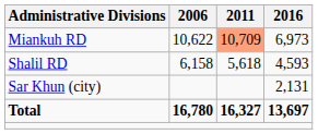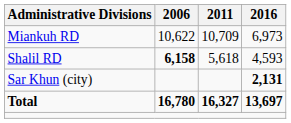 <table class="wikitable">
 <tr>
 <th>Administrative Divisions</th>
 <th>2006</th>
 <th>2011</th>
 <th>2016</th>
 </tr>
 <tr>
 <td><a href='#'>Miankuh RD</a></td>
 <td style="text-align: right;">10,622</td>
-<td style="background: lightsalmon; text-align: right;">10,709</td>
+<td style="text-align: right;">10,709</td>
 <td style="text-align: right;">6,973</td>
 </tr>
 <tr>
 <td><a href='#'>Shalil RD</a></td>
-<td style="text-align: right;">6,158</td>
+<td style="text-align: right;"><strong>6,158</strong></td>
 <td style="text-align: right;">5,618</td>
 <td style="text-align: right;">4,593</td>
 </tr>
 <tr>
 <td><a href='#'>Sar Khun</a> (city)</td>
 <td style="text-align: right;"></td>
 <td style="text-align: right;"></td>
-<td style="text-align: right;">2,131</td>
+<td style="text-align: right;"><strong>2,131</strong></td>
 </tr>
 <tr>
 <td><strong>Total</strong></td>
 <td style="text-align: right;"><strong>16,780</strong></td>
 <td style="text-align: right;"><strong>16,327</strong></td>
 <td style="text-align: right;"><strong>13,697</strong></td>
 </tr>
 <tr>
 <td colspan=4></td>
 </tr>
 </table>
